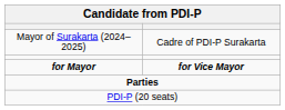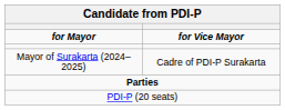 <table class="wikitable" style="font-size:90%; text-align:center;">
 <tr>
 <td colspan=2 style="background:#f1f1f1;"><strong><big> Candidate from PDI-P</big></strong></td>
 </tr>
 <tr>
 <th style="width:3em; font-size:135%; background:#"><a href='#'></a></th>
 <th style="width:3em; font-size:135%; background:#"><a href='#'></a></th>
 </tr>
-<tr>
-<td>Mayor of <a href='#'>Surakarta</a> (2024–2025)</td>
-<td>Cadre of PDI-P Surakarta</td>
+<tr style="color:#000; font-size:100%; background:#">
+<td style="width:3em; width:200px;"><strong><em>for Mayor</em></strong></td>
+<td style="width:3em; width:200px;"><strong><em>for Vice Mayor</em></strong></td>
 </tr>
 <tr>
 <td></td>
 <td></td>
 </tr>
-<tr style="color:#000; font-size:100%; background:#">
-<td style="width:3em; width:200px;"><strong><em>for Mayor</em></strong></td>
-<td style="width:3em; width:200px;"><strong><em>for Vice Mayor</em></strong></td>
+<tr>
+<td>Mayor of <a href='#'>Surakarta</a> (2024–2025)</td>
+<td>Cadre of PDI-P Surakarta</td>
 </tr>
 <tr>
 <td colspan=2 style="background:#"><strong>Parties</strong></td>
 </tr>
 <tr>
 <td colspan=2> <a href='#'>PDI-P</a> (20 seats)</td>
 </tr>
 </table>
